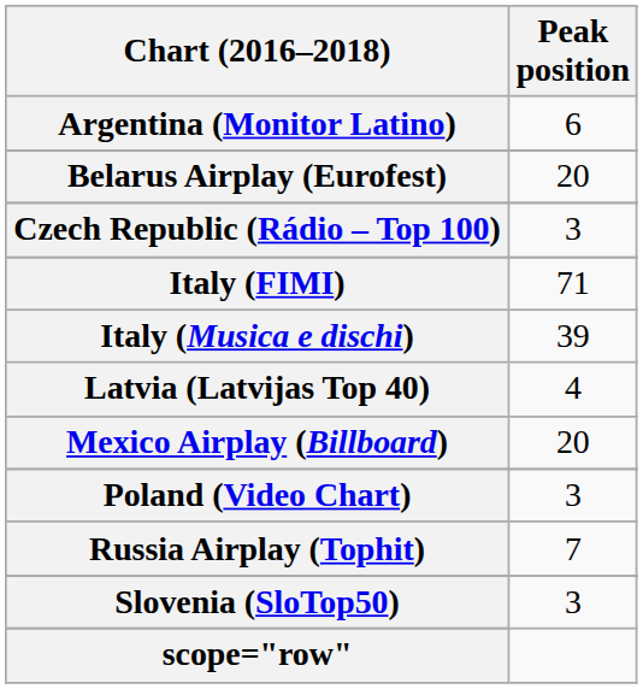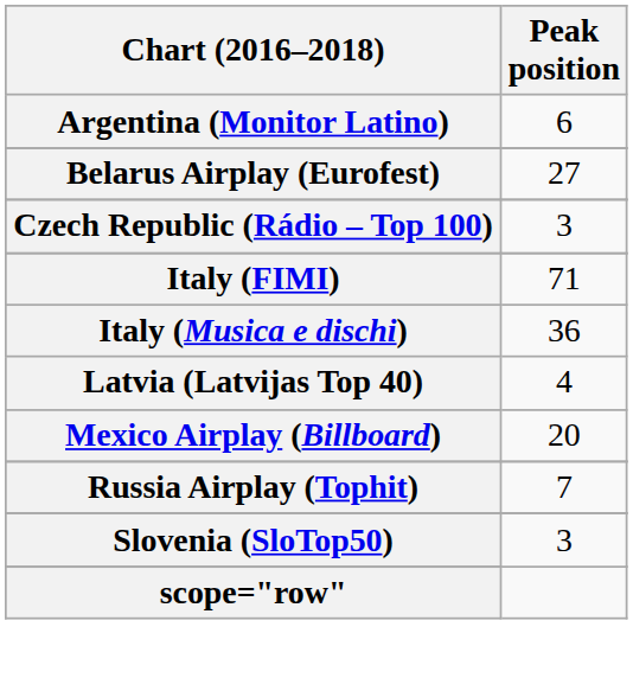 <table class="wikitable sortable plainrowheaders" style="text-align:center">
 <tr>
 <th>Chart (2016–2018)</th>
 <th>Peak<br>position</th>
 </tr>
 <tr>
 <th scope="row">Argentina (<a href='#'>Monitor Latino</a>)</th>
 <td>6</td>
 </tr>
 <tr>
 </tr>
 <tr>
 <th scope="row">Belarus Airplay (Eurofest)</th>
-<td>20</td>
+<td>27</td>
 </tr>
 <tr>
 </tr>
 <tr>
 </tr>
 <tr>
 <th scope="row">Czech Republic (<a href='#'>Rádio – Top 100</a>)</th>
 <td>3</td>
 </tr>
 <tr>
 </tr>
 <tr>
 </tr>
 <tr>
 </tr>
 <tr>
 </tr>
 <tr>
 </tr>
 <tr>
 </tr>
 <tr>
 </tr>
 <tr>
 <th scope="row">Italy (<a href='#'>FIMI</a>)</th>
 <td>71</td>
 </tr>
 <tr>
 <th scope="row">Italy (<em><a href='#'>Musica e dischi</a></em>)</th>
-<td>39</td>
+<td>36</td>
 </tr>
 <tr>
 <th scope="row">Latvia (Latvijas Top 40)</th>
 <td>4</td>
 </tr>
 <tr>
 <th scope="row"><a href='#'>Mexico Airplay</a> (<em><a href='#'>Billboard</a></em>)</th>
 <td>20</td>
 </tr>
 <tr>
 </tr>
 <tr>
-</tr>
-<tr>
-<th scope="row">Poland (<a href='#'>Video Chart</a>)</th>
-<td>3</td>
 </tr>
 <tr>
 <th scope="row">Russia Airplay (<a href='#'>Tophit</a>)</th>
 <td>7</td>
 </tr>
 <tr>
 </tr>
 <tr>
 </tr>
 <tr>
 <th scope="row">Slovenia (<a href='#'>SloTop50</a>)</th>
 <td>3</td>
 </tr>
 <tr>
 </tr>
 <tr>
 </tr>
 <tr>
 </tr>
 <tr>
 <th>scope="row"</th>
 </tr>
 </table>
